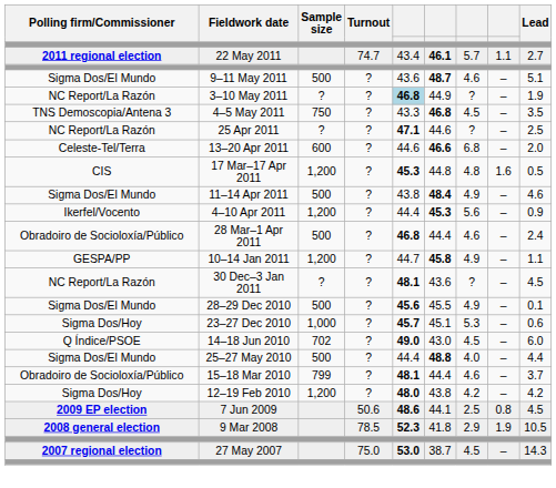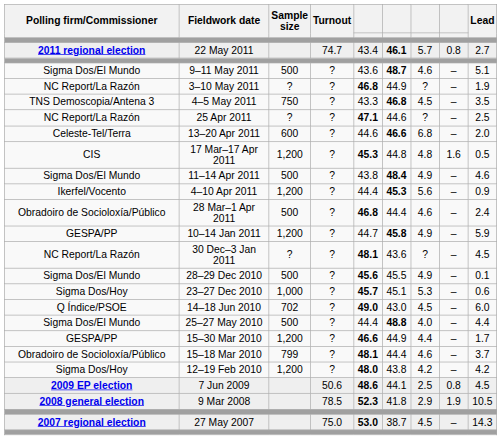 <table class="wikitable collapsible collapsed" style="text-align:center; font-size:95%; line-height:16px;">
 <tr style="height:42px;">
 <th style="width:250px;" rowspan="2">Polling firm/Commissioner</th>
 <th style="width:125px;" rowspan="2">Fieldwork date</th>
 <th style="width:50px;" rowspan="2">Sample size</th>
 <th style="width:45px;" rowspan="2">Turnout</th>
 <th style="width:35px;"></th>
 <th style="width:35px;"></th>
 <th style="width:35px;"></th>
 <th style="width:35px;"></th>
 <th style="width:30px;" rowspan="2">Lead</th>
 </tr>
 <tr>
 <th style="color:inherit;background:"></th>
 <th style="color:inherit;background:"></th>
 <th style="color:inherit;background:"></th>
 <th style="color:inherit;background:"></th>
 </tr>
 <tr>
 <td colspan="9" style="background:#A0A0A0"></td>
 </tr>
 <tr style="background:#EFEFEF;">
 <td><strong><a href='#'>2011 regional election</a></strong></td>
 <td>22 May 2011</td>
 <td></td>
 <td>74.7</td>
 <td>43.4<br></td>
 <td><strong>46.1</strong><br></td>
 <td>5.7<br></td>
-<td>1.1<br></td>
+<td>0.8<br></td>
 <td style="background:">2.7</td>
 </tr>
 <tr>
 <td colspan="9" style="background:#A0A0A0"></td>
 </tr>
 <tr>
 <td>Sigma Dos/El Mundo</td>
 <td>9–11 May 2011</td>
 <td>500</td>
 <td>?</td>
 <td>43.6<br></td>
 <td><strong>48.7</strong><br></td>
 <td>4.6<br></td>
 <td>–</td>
 <td style="background:">5.1</td>
 </tr>
 <tr>
 <td>NC Report/La Razón</td>
 <td>3–10 May 2011</td>
 <td>?</td>
 <td>?</td>
-<td style="background: lightblue;"><strong>46.8</strong><br></td>
+<td><strong>46.8</strong><br></td>
 <td>44.9<br></td>
 <td>?<br></td>
 <td>–</td>
 <td style="background:">1.9</td>
 </tr>
 <tr>
 <td>TNS Demoscopia/Antena 3</td>
 <td>4–5 May 2011</td>
 <td>750</td>
 <td>?</td>
 <td>43.3<br></td>
 <td><strong>46.8</strong><br></td>
 <td>4.5<br></td>
 <td>–</td>
 <td style="background:">3.5</td>
 </tr>
 <tr>
 <td>NC Report/La Razón</td>
 <td>25 Apr 2011</td>
 <td>?</td>
 <td>?</td>
 <td><strong>47.1</strong><br></td>
 <td>44.6<br></td>
 <td>?<br></td>
 <td>–</td>
 <td style="background:">2.5</td>
 </tr>
 <tr>
 <td>Celeste-Tel/Terra</td>
 <td>13–20 Apr 2011</td>
 <td>600</td>
 <td>?</td>
 <td>44.6<br></td>
 <td><strong>46.6</strong><br></td>
 <td>6.8<br></td>
 <td>–</td>
 <td style="background:">2.0</td>
 </tr>
 <tr>
 <td>CIS</td>
 <td>17 Mar–17 Apr 2011</td>
 <td>1,200</td>
 <td>?</td>
 <td><strong>45.3</strong><br></td>
 <td>44.8<br></td>
 <td>4.8<br></td>
 <td>1.6<br></td>
 <td style="background:">0.5</td>
 </tr>
 <tr>
 <td>Sigma Dos/El Mundo</td>
 <td>11–14 Apr 2011</td>
 <td>500</td>
 <td>?</td>
 <td>43.8<br></td>
 <td><strong>48.4</strong><br></td>
 <td>4.9<br></td>
 <td>–</td>
 <td style="background:">4.6</td>
 </tr>
 <tr>
 <td>Ikerfel/Vocento</td>
 <td>4–10 Apr 2011</td>
 <td>1,200</td>
 <td>?</td>
 <td>44.4<br></td>
 <td><strong>45.3</strong><br></td>
 <td>5.6<br></td>
 <td>–</td>
 <td style="background:">0.9</td>
 </tr>
 <tr>
 <td>Obradoiro de Socioloxía/Público</td>
 <td>28 Mar–1 Apr 2011</td>
 <td>500</td>
 <td>?</td>
 <td><strong>46.8</strong><br></td>
 <td>44.4<br></td>
 <td>4.6<br></td>
 <td>–</td>
 <td style="background:">2.4</td>
 </tr>
 <tr>
 <td>GESPA/PP</td>
 <td>10–14 Jan 2011</td>
 <td>1,200</td>
 <td>?</td>
 <td>44.7<br></td>
 <td><strong>45.8</strong><br></td>
 <td>4.9<br></td>
 <td>–</td>
-<td style="background:">1.1</td>
+<td style="background:">5.9</td>
 </tr>
 <tr>
 <td>NC Report/La Razón</td>
 <td>30 Dec–3 Jan 2011</td>
 <td>?</td>
 <td>?</td>
 <td><strong>48.1</strong><br></td>
 <td>43.6<br></td>
 <td>?<br></td>
 <td>–</td>
 <td style="background:">4.5</td>
 </tr>
 <tr>
 <td>Sigma Dos/El Mundo</td>
 <td>28–29 Dec 2010</td>
 <td>500</td>
 <td>?</td>
 <td><strong>45.6</strong><br></td>
 <td>45.5<br></td>
 <td>4.9<br></td>
 <td>–</td>
 <td style="background:">0.1</td>
 </tr>
 <tr>
 <td>Sigma Dos/Hoy</td>
 <td>23–27 Dec 2010</td>
 <td>1,000</td>
 <td>?</td>
 <td><strong>45.7</strong><br></td>
 <td>45.1<br></td>
 <td>5.3<br></td>
 <td>–</td>
 <td style="background:">0.6</td>
 </tr>
 <tr>
 <td>Q Índice/PSOE</td>
 <td>14–18 Jun 2010</td>
 <td>702</td>
 <td>?</td>
 <td><strong>49.0</strong><br></td>
 <td>43.0<br></td>
 <td>4.5<br></td>
 <td>–</td>
 <td style="background:">6.0</td>
 </tr>
 <tr>
 <td>Sigma Dos/El Mundo</td>
 <td>25–27 May 2010</td>
 <td>500</td>
 <td>?</td>
 <td>44.4<br></td>
 <td><strong>48.8</strong><br></td>
 <td>4.0<br></td>
 <td>–</td>
 <td style="background:">4.4</td>
+</tr>
+<tr>
+<td>GESPA/PP</td>
+<td>15–30 Mar 2010</td>
+<td>1,200</td>
+<td>?</td>
+<td><strong>46.6</strong><br></td>
+<td>44.9<br></td>
+<td>4.4<br></td>
+<td>–</td>
+<td style="background:">1.7</td>
 </tr>
 <tr>
 <td>Obradoiro de Socioloxía/Público</td>
 <td>15–18 Mar 2010</td>
 <td>799</td>
 <td>?</td>
 <td><strong>48.1</strong><br></td>
 <td>44.4<br></td>
 <td>4.6<br></td>
 <td>–</td>
 <td style="background:">3.7</td>
 </tr>
 <tr>
 <td>Sigma Dos/Hoy</td>
 <td>12–19 Feb 2010</td>
 <td>1,200</td>
 <td>?</td>
 <td><strong>48.0</strong><br></td>
 <td>43.8<br></td>
 <td>4.2<br></td>
 <td>–</td>
 <td style="background:">4.2</td>
 </tr>
 <tr style="background:#EFEFEF;">
 <td><strong><a href='#'>2009 EP election</a></strong></td>
 <td>7 Jun 2009</td>
 <td></td>
 <td>50.6</td>
 <td><strong>48.6</strong><br></td>
 <td>44.1<br></td>
 <td>2.5<br></td>
 <td>0.8<br></td>
 <td style="background:">4.5</td>
 </tr>
 <tr style="background:#EFEFEF;">
 <td><strong><a href='#'>2008 general election</a></strong></td>
 <td>9 Mar 2008</td>
 <td></td>
 <td>78.5</td>
 <td><strong>52.3</strong><br></td>
 <td>41.8<br></td>
 <td>2.9<br></td>
 <td>1.9<br></td>
 <td style="background:">10.5</td>
 </tr>
 <tr>
 <td colspan="9" style="background:#A0A0A0"></td>
 </tr>
 <tr style="background:#EFEFEF;">
 <td><strong><a href='#'>2007 regional election</a></strong></td>
 <td>27 May 2007</td>
 <td></td>
 <td>75.0</td>
 <td><strong>53.0</strong><br></td>
 <td>38.7<br></td>
 <td>4.5<br></td>
 <td>–</td>
 <td style="background:">14.3</td>
 </tr>
 <tr>
 <td colspan="9" style="background:#A0A0A0"></td>
 </tr>
 </table>
